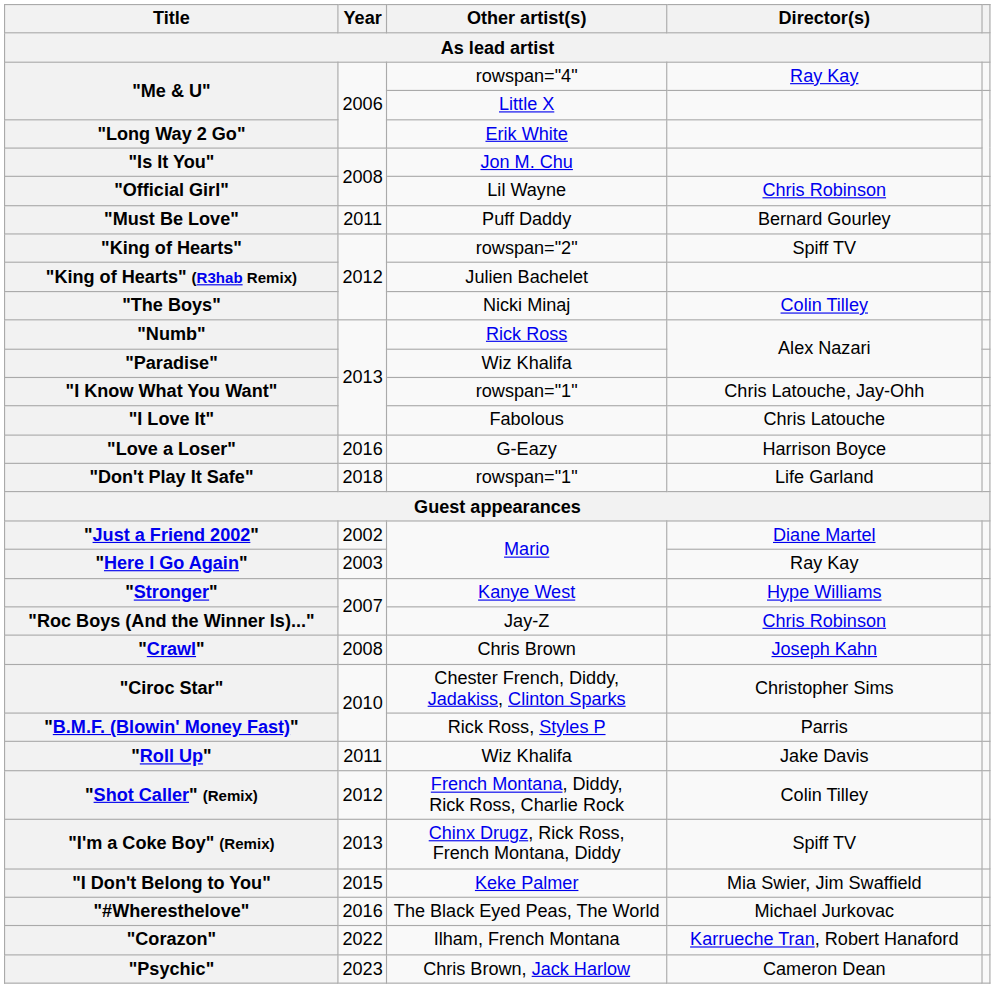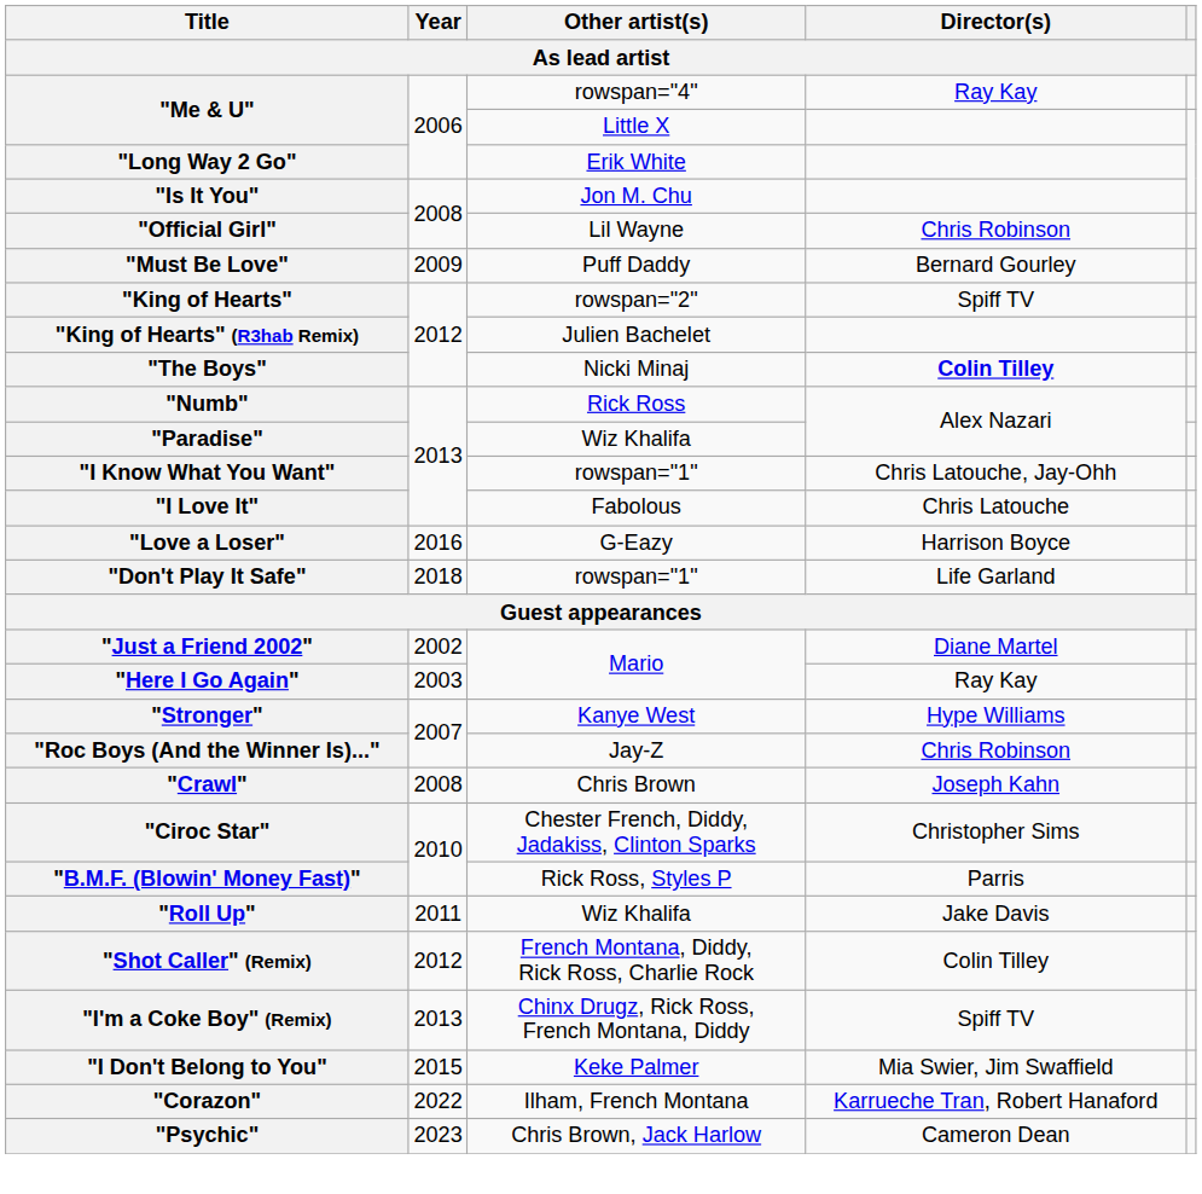 <table class="wikitable plainrowheaders" style="text-align:center;">
 <tr>
 <th scope="col" style="width:18em;">Title</th>
 <th scope="col">Year</th>
 <th scope="col" style="width:15em;">Other artist(s)</th>
 <th scope="col" style="width:17em;">Director(s)</th>
 <th scope="col"></th>
 </tr>
 <tr>
 <th scope="col" colspan="5">As lead artist</th>
 </tr>
 <tr>
 <th scope="row" rowspan="2">"Me & U"</th>
 <td rowspan="3">2006</td>
 <td>rowspan="4" </td>
 <td><a href='#'>Ray Kay</a></td>
 <td></td>
 </tr>
 <tr>
 <td><a href='#'>Little X</a></td>
 <td></td>
 </tr>
 <tr>
 <th scope="row">"Long Way 2 Go"</th>
 <td><a href='#'>Erik White</a></td>
 <td></td>
 </tr>
 <tr>
 <th scope="row">"Is It You"</th>
 <td rowspan="2">2008</td>
 <td><a href='#'>Jon M. Chu</a></td>
 <td></td>
 </tr>
 <tr>
 <th scope="row">"Official Girl"</th>
 <td>Lil Wayne</td>
 <td><a href='#'>Chris Robinson</a></td>
 <td></td>
 </tr>
 <tr>
 <th scope="row">"Must Be Love"</th>
-<td>2011</td>
+<td>2009</td>
 <td>Puff Daddy</td>
 <td>Bernard Gourley</td>
 <td></td>
 </tr>
 <tr>
 <th scope="row">"King of Hearts"</th>
 <td rowspan="3">2012</td>
 <td>rowspan="2" </td>
 <td>Spiff TV</td>
 <td></td>
 </tr>
 <tr>
 <th scope="row">"King of Hearts" <small>(<a href='#'>R3hab</a> Remix)</small></th>
 <td>Julien Bachelet</td>
 <td></td>
 </tr>
 <tr>
 <th scope="row">"The Boys"</th>
 <td>Nicki Minaj</td>
-<td><a href='#'>Colin Tilley</a></td>
+<td><strong><a href='#'>Colin Tilley</a></strong></td>
 <td></td>
 </tr>
 <tr>
 <th scope="row">"Numb"</th>
 <td rowspan="4">2013</td>
 <td><a href='#'>Rick Ross</a></td>
 <td rowspan="2">Alex Nazari</td>
 <td></td>
 </tr>
 <tr>
 <th scope="row">"Paradise"</th>
 <td>Wiz Khalifa</td>
 <td></td>
 </tr>
 <tr>
 <th scope="row">"I Know What You Want"</th>
 <td>rowspan="1" </td>
 <td>Chris Latouche, Jay-Ohh</td>
 <td></td>
 </tr>
 <tr>
 <th scope="row">"I Love It"</th>
 <td>Fabolous</td>
 <td>Chris Latouche</td>
 <td></td>
 </tr>
 <tr>
 <th scope="row">"Love a Loser"</th>
 <td>2016</td>
 <td>G-Eazy</td>
 <td>Harrison Boyce</td>
 <td></td>
 </tr>
 <tr>
 <th scope="row">"Don't Play It Safe"</th>
 <td>2018</td>
 <td>rowspan="1" </td>
 <td>Life Garland</td>
 <td></td>
 </tr>
 <tr>
 <th scope="col" colspan="5">Guest appearances</th>
 </tr>
 <tr>
 <th scope="row">"<a href='#'>Just a Friend 2002</a>"</th>
 <td>2002</td>
 <td rowspan="2"><a href='#'>Mario</a></td>
 <td><a href='#'>Diane Martel</a></td>
 <td></td>
 </tr>
 <tr>
 <th scope="row">"<a href='#'>Here I Go Again</a>"</th>
 <td>2003</td>
 <td>Ray Kay</td>
 <td></td>
 </tr>
 <tr>
 <th scope="row">"<a href='#'>Stronger</a>"</th>
 <td rowspan="2">2007</td>
 <td><a href='#'>Kanye West</a></td>
 <td><a href='#'>Hype Williams</a></td>
 <td></td>
 </tr>
 <tr>
 <th scope="row">"Roc Boys (And the Winner Is)..."</th>
 <td>Jay-Z</td>
 <td><a href='#'>Chris Robinson</a></td>
 <td></td>
 </tr>
 <tr>
 <th scope="row">"<a href='#'>Crawl</a>"</th>
 <td>2008</td>
 <td>Chris Brown</td>
 <td><a href='#'>Joseph Kahn</a></td>
 <td></td>
 </tr>
 <tr>
 <th scope="row">"Ciroc Star"</th>
 <td rowspan="2">2010</td>
 <td>Chester French, Diddy,<br><a href='#'>Jadakiss</a>, <a href='#'>Clinton Sparks</a></td>
 <td>Christopher Sims</td>
 <td></td>
 </tr>
 <tr>
 <th scope="row">"<a href='#'>B.M.F. (Blowin' Money Fast)</a>"</th>
 <td>Rick Ross, <a href='#'>Styles P</a></td>
 <td>Parris</td>
 <td></td>
 </tr>
 <tr>
 <th scope="row">"<a href='#'>Roll Up</a>"</th>
 <td>2011</td>
 <td>Wiz Khalifa</td>
 <td>Jake Davis</td>
 <td></td>
 </tr>
 <tr>
 <th scope="row">"<a href='#'>Shot Caller</a>" <small>(Remix)</small></th>
 <td>2012</td>
 <td><a href='#'>French Montana</a>, Diddy,<br>Rick Ross, Charlie Rock</td>
 <td>Colin Tilley</td>
 <td></td>
 </tr>
 <tr>
 <th scope="row">"I'm a Coke Boy" <small>(Remix)</small></th>
 <td>2013</td>
 <td><a href='#'>Chinx Drugz</a>, Rick Ross,<br>French Montana, Diddy</td>
 <td>Spiff TV</td>
 <td></td>
 </tr>
 <tr>
 <th scope="row">"I Don't Belong to You"</th>
 <td>2015</td>
 <td><a href='#'>Keke Palmer</a></td>
 <td>Mia Swier, Jim Swaffield</td>
 <td></td>
 </tr>
 <tr>
-<th scope="row">"#Wheresthelove"</th>
-<td>2016</td>
-<td>The Black Eyed Peas, The World</td>
-<td>Michael Jurkovac</td>
-<td></td>
-</tr>
-<tr>
 <th scope="row">"Corazon"</th>
 <td>2022</td>
 <td>Ilham, French Montana</td>
 <td><a href='#'>Karrueche Tran</a>, Robert Hanaford</td>
 <td></td>
 </tr>
 <tr>
 <th scope="row">"Psychic"</th>
 <td>2023</td>
 <td>Chris Brown, <a href='#'>Jack Harlow</a></td>
 <td>Cameron Dean</td>
 <td></td>
 </tr>
 </table>
